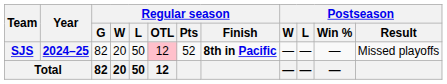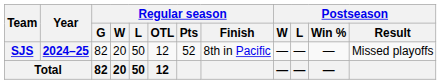 <table class="wikitable" style="font-size: 95%; text-align:center;">
 <tr>
 <th rowspan="2">Team</th>
 <th rowspan="2">Year</th>
 <th colspan="6"><a href='#'>Regular season</a></th>
 <th colspan="4"><a href='#'>Postseason</a></th>
 </tr>
 <tr>
 <th>G</th>
 <th>W</th>
 <th>L</th>
 <th>OTL</th>
 <th>Pts</th>
 <th>Finish</th>
 <th>W</th>
 <th>L</th>
 <th>Win %</th>
 <th>Result</th>
 </tr>
 <tr>
 <th><a href='#'>SJS</a></th>
 <th><a href='#'>2024–25</a></th>
 <td>82</td>
 <td>20</td>
 <td>50</td>
-<td style="background: pink;">12</td>
+<td>12</td>
 <td>52</td>
-<td><strong>8th in <a href='#'>Pacific</a></strong></td>
+<td>8th in <a href='#'>Pacific</a></td>
 <td>—</td>
 <td>—</td>
 <td>—</td>
 <td>Missed playoffs</td>
 </tr>
 <tr>
 <th colspan="2">Total</th>
 <th>82</th>
 <th>20</th>
 <th>50</th>
 <th>12</th>
 <th> </th>
 <th> </th>
 <th>—</th>
 <th>—</th>
 <th>—</th>
 <th> </th>
 </tr>
 </table>
